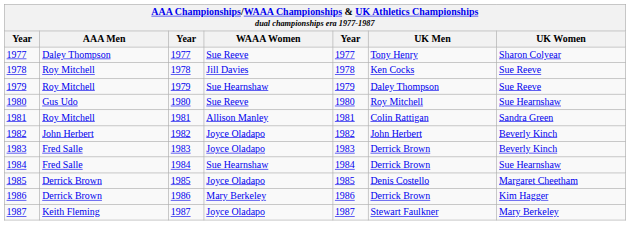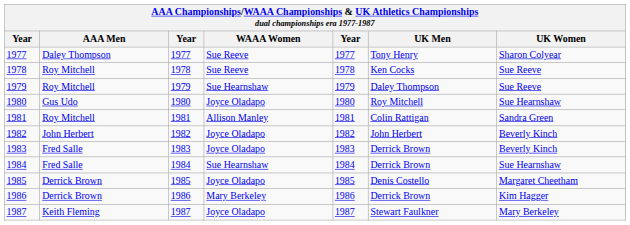 <table class="wikitable">
 <tr>
 <th colspan="7"><a href='#'>AAA Championships</a>/<a href='#'>WAAA Championships</a> & <a href='#'>UK Athletics Championships</a><br><em><small>dual championships era 1977-1987</small></em></th>
 </tr>
 <tr>
 <th width=50>Year</th>
 <th width=200>AAA Men</th>
 <th width=50>Year</th>
 <th width=200>WAAA Women</th>
 <th width=50>Year</th>
 <th width=200>UK Men</th>
 <th width=200>UK Women</th>
 </tr>
 <tr>
 <td><a href='#'>1977</a></td>
 <td><a href='#'>Daley Thompson</a></td>
 <td><a href='#'>1977</a></td>
 <td><a href='#'>Sue Reeve</a></td>
 <td><a href='#'>1977</a></td>
 <td><a href='#'>Tony Henry</a></td>
 <td><a href='#'>Sharon Colyear</a></td>
 </tr>
 <tr>
 <td><a href='#'>1978</a></td>
 <td><a href='#'>Roy Mitchell</a></td>
 <td><a href='#'>1978</a></td>
-<td><a href='#'>Jill Davies</a></td>
+<td><a href='#'>Sue Reeve</a></td>
 <td><a href='#'>1978</a></td>
 <td><a href='#'>Ken Cocks</a></td>
 <td><a href='#'>Sue Reeve</a></td>
 </tr>
 <tr>
 <td><a href='#'>1979</a></td>
 <td><a href='#'>Roy Mitchell</a></td>
 <td><a href='#'>1979</a></td>
 <td><a href='#'>Sue Hearnshaw</a></td>
 <td><a href='#'>1979</a></td>
 <td><a href='#'>Daley Thompson</a></td>
 <td><a href='#'>Sue Reeve</a></td>
 </tr>
 <tr>
 <td><a href='#'>1980</a></td>
 <td><a href='#'>Gus Udo</a></td>
 <td><a href='#'>1980</a></td>
-<td><a href='#'>Sue Reeve</a></td>
+<td><a href='#'>Joyce Oladapo</a></td>
 <td><a href='#'>1980</a></td>
 <td><a href='#'>Roy Mitchell</a></td>
 <td><a href='#'>Sue Hearnshaw</a></td>
 </tr>
 <tr>
 <td><a href='#'>1981</a></td>
 <td><a href='#'>Roy Mitchell</a></td>
 <td><a href='#'>1981</a></td>
 <td><a href='#'>Allison Manley</a></td>
 <td><a href='#'>1981</a></td>
 <td><a href='#'>Colin Rattigan</a></td>
 <td><a href='#'>Sandra Green</a></td>
 </tr>
 <tr>
 <td><a href='#'>1982</a></td>
 <td><a href='#'>John Herbert</a></td>
 <td><a href='#'>1982</a></td>
 <td><a href='#'>Joyce Oladapo</a></td>
 <td><a href='#'>1982</a></td>
 <td><a href='#'>John Herbert</a></td>
 <td><a href='#'>Beverly Kinch</a></td>
 </tr>
 <tr>
 <td><a href='#'>1983</a></td>
 <td><a href='#'>Fred Salle</a></td>
 <td><a href='#'>1983</a></td>
 <td><a href='#'>Joyce Oladapo</a></td>
 <td><a href='#'>1983</a></td>
 <td><a href='#'>Derrick Brown</a></td>
 <td><a href='#'>Beverly Kinch</a></td>
 </tr>
 <tr>
 <td><a href='#'>1984</a></td>
 <td><a href='#'>Fred Salle</a></td>
 <td><a href='#'>1984</a></td>
 <td><a href='#'>Sue Hearnshaw</a></td>
 <td><a href='#'>1984</a></td>
 <td><a href='#'>Derrick Brown</a></td>
 <td><a href='#'>Sue Hearnshaw</a></td>
 </tr>
 <tr>
 <td><a href='#'>1985</a></td>
 <td><a href='#'>Derrick Brown</a></td>
 <td><a href='#'>1985</a></td>
 <td><a href='#'>Joyce Oladapo</a></td>
 <td><a href='#'>1985</a></td>
 <td><a href='#'>Denis Costello</a></td>
 <td><a href='#'>Margaret Cheetham</a></td>
 </tr>
 <tr>
 <td><a href='#'>1986</a></td>
 <td><a href='#'>Derrick Brown</a></td>
 <td><a href='#'>1986</a></td>
 <td><a href='#'>Mary Berkeley</a></td>
 <td><a href='#'>1986</a></td>
 <td><a href='#'>Derrick Brown</a></td>
 <td><a href='#'>Kim Hagger</a></td>
 </tr>
 <tr>
 <td><a href='#'>1987</a></td>
 <td><a href='#'>Keith Fleming</a></td>
 <td><a href='#'>1987</a></td>
 <td><a href='#'>Joyce Oladapo</a></td>
 <td><a href='#'>1987</a></td>
 <td><a href='#'>Stewart Faulkner</a></td>
 <td><a href='#'>Mary Berkeley</a></td>
 </tr>
 </table>
